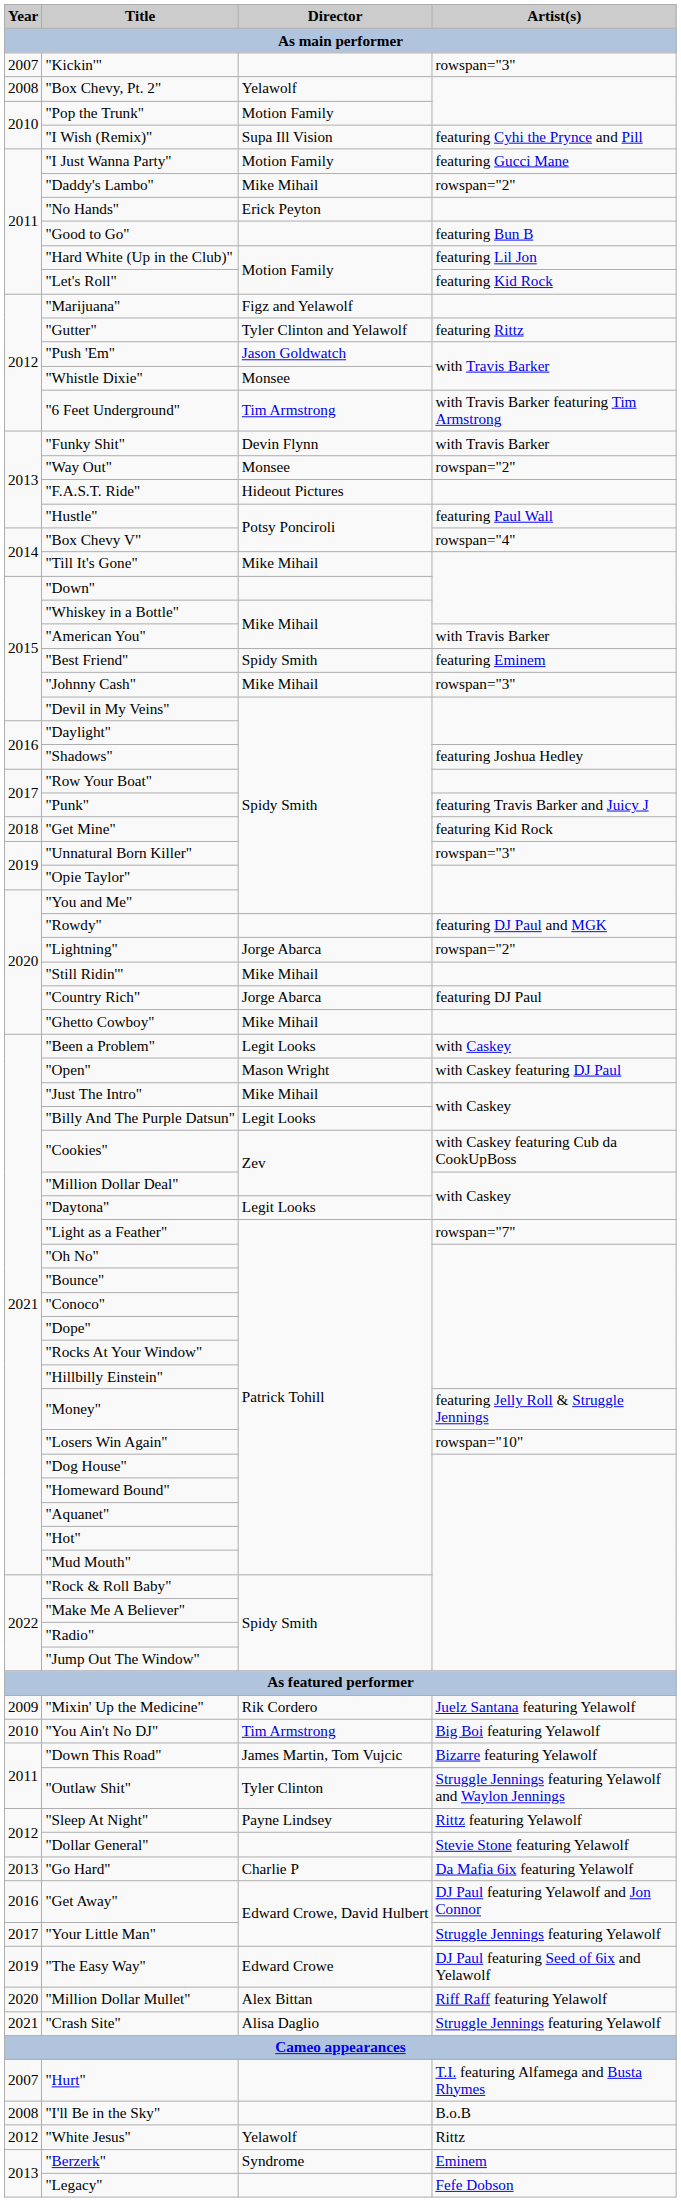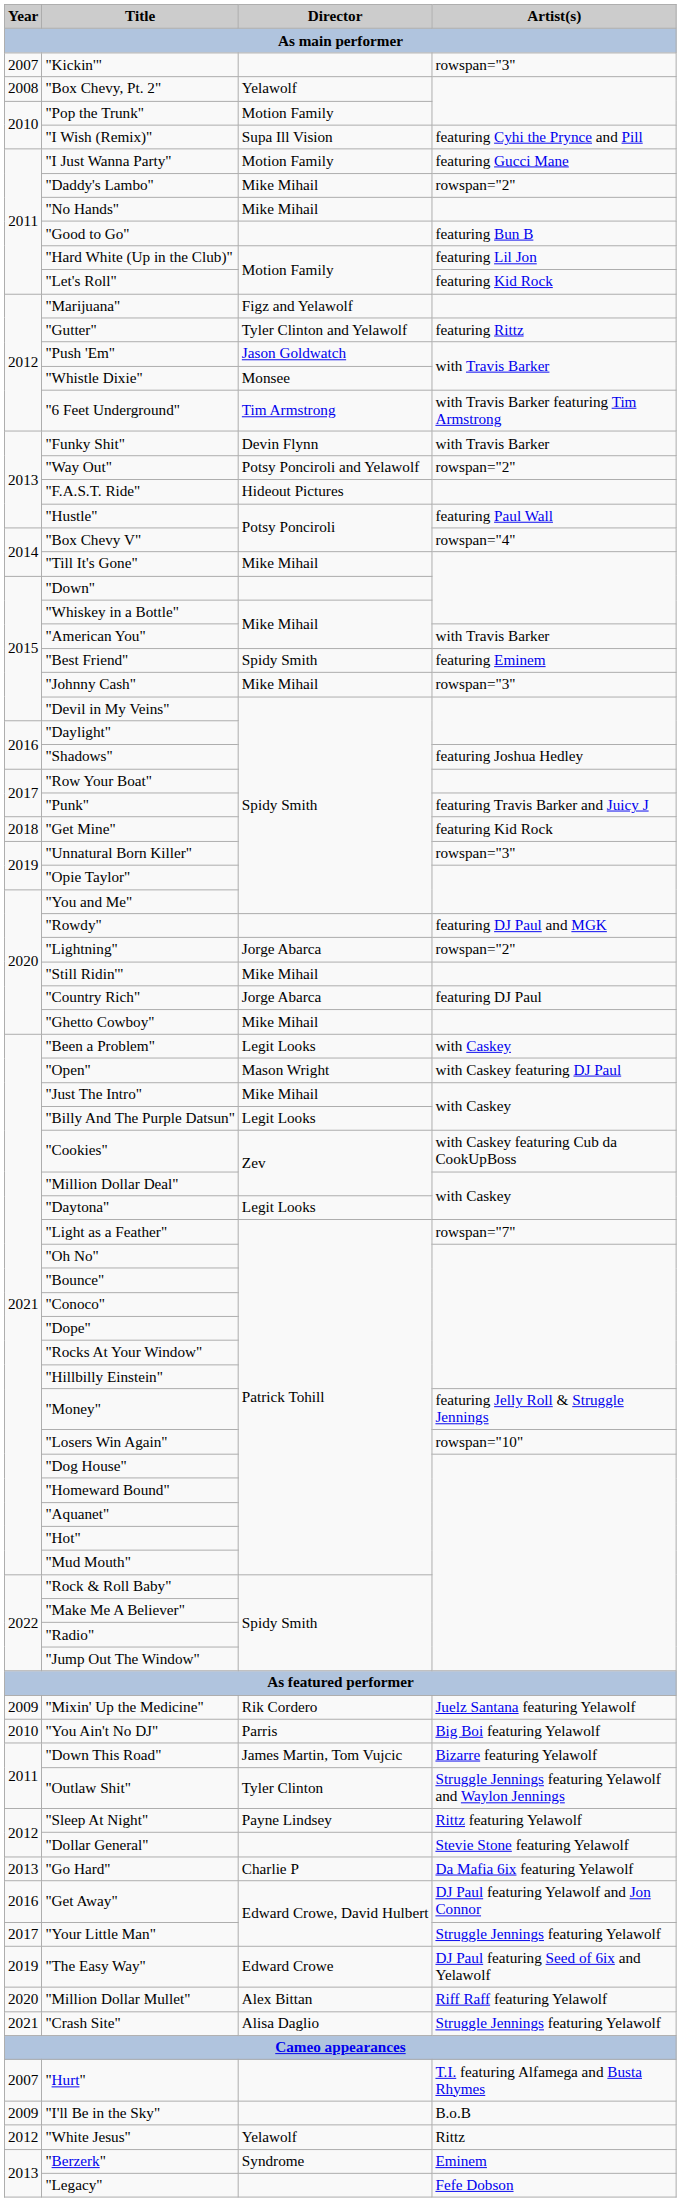 <table class="wikitable">
 <tr>
 <th style="background:#ccc;">Year</th>
 <th style="background:#ccc;">Title</th>
 <th style="background:#ccc;">Director</th>
 <th style="background:#ccc;width:250px">Artist(s)</th>
 </tr>
 <tr style="text-align:center;">
 <th colspan="9" style="background:#B0C4DE;">As main performer</th>
 </tr>
 <tr>
 <td style="text-align:center;">2007</td>
 <td>"Kickin'"</td>
 <td></td>
 <td>rowspan="3" </td>
 </tr>
 <tr>
 <td style="text-align:center;">2008</td>
 <td>"Box Chevy, Pt. 2"</td>
 <td>Yelawolf</td>
 </tr>
 <tr>
 <td rowspan="2" style="text-align:center;">2010</td>
 <td>"Pop the Trunk"</td>
 <td>Motion Family</td>
 </tr>
 <tr>
 <td>"I Wish (Remix)"</td>
 <td>Supa Ill Vision</td>
 <td>featuring <a href='#'>Cyhi the Prynce</a> and <a href='#'>Pill</a></td>
 </tr>
 <tr>
 <td rowspan="6" style="text-align:center;">2011</td>
 <td>"I Just Wanna Party"</td>
 <td>Motion Family</td>
 <td>featuring <a href='#'>Gucci Mane</a></td>
 </tr>
 <tr>
 <td>"Daddy's Lambo"</td>
 <td>Mike Mihail</td>
 <td>rowspan="2" </td>
 </tr>
 <tr>
 <td>"No Hands"</td>
-<td>Erick Peyton</td>
+<td>Mike Mihail</td>
 </tr>
 <tr>
 <td>"Good to Go"</td>
 <td></td>
 <td>featuring <a href='#'>Bun B</a></td>
 </tr>
 <tr>
 <td>"Hard White (Up in the Club)"</td>
 <td rowspan="2">Motion Family</td>
 <td>featuring <a href='#'>Lil Jon</a></td>
 </tr>
 <tr>
 <td>"Let's Roll"</td>
 <td>featuring <a href='#'>Kid Rock</a></td>
 </tr>
 <tr>
 <td rowspan="5" style="text-align:center;">2012</td>
 <td>"Marijuana"</td>
 <td>Figz and Yelawolf</td>
 <td></td>
 </tr>
 <tr>
 <td>"Gutter"</td>
 <td>Tyler Clinton and Yelawolf</td>
 <td>featuring <a href='#'>Rittz</a></td>
 </tr>
 <tr>
 <td>"Push 'Em"</td>
 <td><a href='#'>Jason Goldwatch</a></td>
 <td rowspan="2">with <a href='#'>Travis Barker</a></td>
 </tr>
 <tr>
 <td>"Whistle Dixie"</td>
 <td>Monsee</td>
 </tr>
 <tr>
 <td>"6 Feet Underground"</td>
 <td><a href='#'>Tim Armstrong</a></td>
 <td>with Travis Barker featuring <a href='#'>Tim Armstrong</a></td>
 </tr>
 <tr>
 <td rowspan="4" style="text-align:center;">2013</td>
 <td>"Funky Shit"</td>
 <td>Devin Flynn</td>
 <td>with Travis Barker</td>
 </tr>
 <tr>
 <td>"Way Out"</td>
-<td>Monsee</td>
+<td>Potsy Ponciroli and Yelawolf</td>
 <td>rowspan="2" </td>
 </tr>
 <tr>
 <td>"F.A.S.T. Ride"</td>
 <td>Hideout Pictures</td>
 </tr>
 <tr>
 <td>"Hustle"</td>
 <td rowspan="2">Potsy Ponciroli</td>
 <td>featuring <a href='#'>Paul Wall</a></td>
 </tr>
 <tr>
 <td rowspan="2" style="text-align:center;">2014</td>
 <td>"Box Chevy V"</td>
 <td>rowspan="4" </td>
 </tr>
 <tr>
 <td>"Till It's Gone"</td>
 <td>Mike Mihail</td>
 </tr>
 <tr>
 <td rowspan="6" style="text-align:center;">2015</td>
 <td>"Down"</td>
 <td></td>
 </tr>
 <tr>
 <td>"Whiskey in a Bottle"</td>
 <td rowspan="2">Mike Mihail</td>
 </tr>
 <tr>
 <td>"American You"</td>
 <td>with Travis Barker</td>
 </tr>
 <tr>
 <td>"Best Friend"</td>
 <td>Spidy Smith</td>
 <td>featuring <a href='#'>Eminem</a></td>
 </tr>
 <tr>
 <td>"Johnny Cash"</td>
 <td>Mike Mihail</td>
 <td>rowspan="3" </td>
 </tr>
 <tr>
 <td>"Devil in My Veins"</td>
 <td rowspan="9">Spidy Smith</td>
 </tr>
 <tr>
 <td rowspan="2" style="text-align:center;">2016</td>
 <td>"Daylight"</td>
 </tr>
 <tr>
 <td>"Shadows"</td>
 <td>featuring Joshua Hedley</td>
 </tr>
 <tr>
 <td rowspan="2" style="text-align:center;">2017</td>
 <td>"Row Your Boat"</td>
 <td></td>
 </tr>
 <tr>
 <td>"Punk"</td>
 <td>featuring Travis Barker and <a href='#'>Juicy J</a></td>
 </tr>
 <tr>
 <td style="text-align:center;">2018</td>
 <td>"Get Mine"</td>
 <td>featuring Kid Rock</td>
 </tr>
 <tr>
 <td rowspan="2" style="text-align:center;">2019</td>
 <td>"Unnatural Born Killer"</td>
 <td>rowspan="3" </td>
 </tr>
 <tr>
 <td>"Opie Taylor"</td>
 </tr>
 <tr>
 <td rowspan="6" style="text-align:center;">2020</td>
 <td>"You and Me"</td>
 </tr>
 <tr>
 <td>"Rowdy"</td>
 <td></td>
 <td>featuring <a href='#'>DJ Paul</a> and <a href='#'>MGK</a></td>
 </tr>
 <tr>
 <td>"Lightning"</td>
 <td>Jorge Abarca</td>
 <td>rowspan="2" </td>
 </tr>
 <tr>
 <td>"Still Ridin'"</td>
 <td>Mike Mihail</td>
 </tr>
 <tr>
 <td>"Country Rich"</td>
 <td>Jorge Abarca</td>
 <td>featuring DJ Paul</td>
 </tr>
 <tr>
 <td>"Ghetto Cowboy"</td>
 <td>Mike Mihail</td>
 <td></td>
 </tr>
 <tr>
 <td rowspan="21" style="text-align:center;">2021</td>
 <td>"Been a Problem"</td>
 <td>Legit Looks</td>
 <td>with <a href='#'>Caskey</a></td>
 </tr>
 <tr>
 <td>"Open"</td>
 <td>Mason Wright</td>
 <td>with Caskey featuring <a href='#'>DJ Paul</a></td>
 </tr>
 <tr>
 <td>"Just The Intro"</td>
 <td>Mike Mihail</td>
 <td rowspan="2">with Caskey</td>
 </tr>
 <tr>
 <td>"Billy And The Purple Datsun"</td>
 <td>Legit Looks</td>
 </tr>
 <tr>
 <td>"Cookies"</td>
 <td rowspan="2">Zev</td>
 <td>with Caskey featuring Cub da CookUpBoss</td>
 </tr>
 <tr>
 <td>"Million Dollar Deal"</td>
 <td rowspan="2">with Caskey</td>
 </tr>
 <tr>
 <td>"Daytona"</td>
 <td>Legit Looks</td>
 </tr>
 <tr>
 <td>"Light as a Feather"</td>
 <td rowspan="14">Patrick Tohill</td>
 <td>rowspan="7" </td>
 </tr>
 <tr>
 <td>"Oh No"</td>
 </tr>
 <tr>
 <td>"Bounce"</td>
 </tr>
 <tr>
 <td>"Conoco"</td>
 </tr>
 <tr>
 <td>"Dope"</td>
 </tr>
 <tr>
 <td>"Rocks At Your Window"</td>
 </tr>
 <tr>
 <td>"Hillbilly Einstein"</td>
 </tr>
 <tr>
 <td>"Money"</td>
 <td>featuring <a href='#'>Jelly Roll</a> & <a href='#'>Struggle Jennings</a></td>
 </tr>
 <tr>
 <td>"Losers Win Again"</td>
 <td>rowspan="10" </td>
 </tr>
 <tr>
 <td>"Dog House"</td>
 </tr>
 <tr>
 <td>"Homeward Bound"</td>
 </tr>
 <tr>
 <td>"Aquanet"</td>
 </tr>
 <tr>
 <td>"Hot"</td>
 </tr>
 <tr>
 <td>"Mud Mouth"</td>
 </tr>
 <tr>
 <td rowspan="4" style="text-align:center;">2022</td>
 <td>"Rock & Roll Baby"</td>
 <td rowspan="4">Spidy Smith</td>
 </tr>
 <tr>
 <td>"Make Me A Believer"</td>
 </tr>
 <tr>
 <td>"Radio"</td>
 </tr>
 <tr>
 <td>"Jump Out The Window"</td>
 </tr>
 <tr>
 <th colspan="4" style="background:#B0C4DE;">As featured performer</th>
 </tr>
 <tr>
 <td style="text-align:center;">2009</td>
 <td>"Mixin' Up the Medicine"</td>
 <td>Rik Cordero</td>
 <td><a href='#'>Juelz Santana</a> featuring Yelawolf</td>
 </tr>
 <tr>
 <td style="text-align:center;">2010</td>
 <td>"You Ain't No DJ"</td>
-<td><a href='#'>Tim Armstrong</a></td>
+<td>Parris</td>
 <td><a href='#'>Big Boi</a> featuring Yelawolf</td>
 </tr>
 <tr>
 <td rowspan="2" style="text-align:center;">2011</td>
 <td>"Down This Road"</td>
 <td>James Martin, Tom Vujcic</td>
 <td><a href='#'>Bizarre</a> featuring Yelawolf</td>
 </tr>
 <tr>
 <td>"Outlaw Shit"</td>
 <td>Tyler Clinton</td>
 <td><a href='#'>Struggle Jennings</a> featuring Yelawolf and <a href='#'>Waylon Jennings</a></td>
 </tr>
 <tr>
 <td rowspan="2" style="text-align:center;">2012</td>
 <td>"Sleep At Night"</td>
 <td>Payne Lindsey</td>
 <td><a href='#'>Rittz</a> featuring Yelawolf</td>
 </tr>
 <tr>
 <td>"Dollar General"</td>
 <td></td>
 <td><a href='#'>Stevie Stone</a> featuring Yelawolf</td>
 </tr>
 <tr>
 <td style="text-align:center;">2013</td>
 <td>"Go Hard"</td>
 <td>Charlie P</td>
 <td><a href='#'>Da Mafia 6ix</a> featuring Yelawolf</td>
 </tr>
 <tr>
 <td style="text-align:center;">2016</td>
 <td>"Get Away"</td>
 <td rowspan="2">Edward Crowe, David Hulbert</td>
 <td><a href='#'>DJ Paul</a> featuring Yelawolf and <a href='#'>Jon Connor</a></td>
 </tr>
 <tr>
 <td style="text-align:center;">2017</td>
 <td>"Your Little Man"</td>
 <td><a href='#'>Struggle Jennings</a> featuring Yelawolf</td>
 </tr>
 <tr>
 <td style="text-align:center;">2019</td>
 <td>"The Easy Way"</td>
 <td>Edward Crowe</td>
 <td><a href='#'>DJ Paul</a> featuring <a href='#'>Seed of 6ix</a> and Yelawolf</td>
 </tr>
 <tr>
 <td style="text-align:center;">2020</td>
 <td>"Million Dollar Mullet"</td>
 <td>Alex Bittan</td>
 <td><a href='#'>Riff Raff</a> featuring Yelawolf</td>
 </tr>
 <tr>
 <td style="text-align:center;">2021</td>
 <td>"Crash Site"</td>
 <td>Alisa Daglio</td>
 <td><a href='#'>Struggle Jennings</a> featuring Yelawolf</td>
 </tr>
 <tr>
 <th colspan="4" style="background:#B0C4DE;"><a href='#'>Cameo appearances</a></th>
 </tr>
 <tr>
 <td style="text-align:center;">2007</td>
 <td>"<a href='#'>Hurt</a>"</td>
 <td></td>
 <td><a href='#'>T.I.</a> featuring Alfamega and <a href='#'>Busta Rhymes</a></td>
 </tr>
 <tr>
-<td>2008</td>
+<td>2009</td>
 <td>"I'll Be in the Sky"</td>
 <td></td>
 <td>B.o.B</td>
 </tr>
 <tr>
 <td style="text-align:center;">2012</td>
 <td>"White Jesus"</td>
 <td>Yelawolf</td>
 <td>Rittz</td>
 </tr>
 <tr>
 <td rowspan="2" style="text-align:center;">2013</td>
 <td>"<a href='#'>Berzerk</a>"</td>
 <td>Syndrome</td>
 <td><a href='#'>Eminem</a></td>
 </tr>
 <tr>
 <td>"Legacy"</td>
 <td></td>
 <td><a href='#'>Fefe Dobson</a></td>
 </tr>
 </table>
